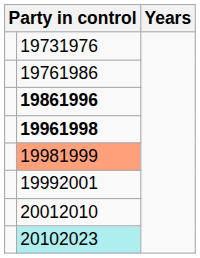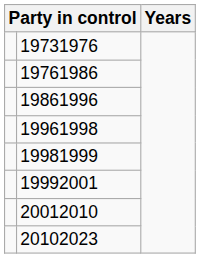 <table class="wikitable">
 <tr>
 <th colspan="2">Party in control</th>
 <th>Years</th>
 </tr>
 <tr>
 <td></td>
 <td>19731976</td>
 </tr>
 <tr>
 <td></td>
 <td>19761986</td>
 </tr>
 <tr>
 <td></td>
-<td><strong>19861996</strong></td>
+<td>19861996</td>
 </tr>
 <tr>
 <td></td>
-<td><strong>19961998</strong></td>
+<td>19961998</td>
 </tr>
 <tr>
 <td></td>
-<td style="background: lightsalmon;">19981999</td>
+<td>19981999</td>
 </tr>
 <tr>
 <td></td>
 <td>19992001</td>
 </tr>
 <tr>
 <td></td>
 <td>20012010</td>
 </tr>
 <tr>
 <td></td>
-<td style="background: paleturquoise;">20102023</td>
+<td>20102023</td>
 </tr>
 </table>
